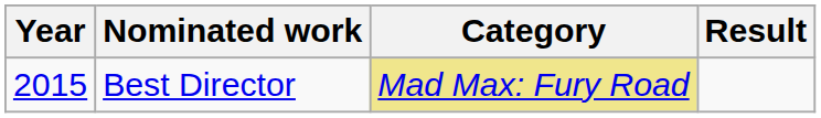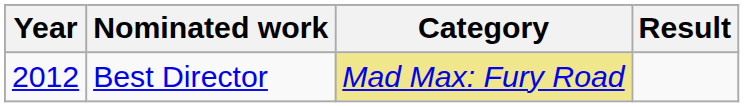 <table class="wikitable">
 <tr>
 <th>Year</th>
 <th>Nominated work</th>
 <th>Category</th>
 <th>Result</th>
 </tr>
 <tr>
-<td><a href='#'>2015</a></td>
+<td><a href='#'>2012</a></td>
 <td><a href='#'>Best Director</a></td>
 <td style="background: khaki;"><em><a href='#'>Mad Max: Fury Road</a></em></td>
 <td></td>
 </tr>
 </table>
